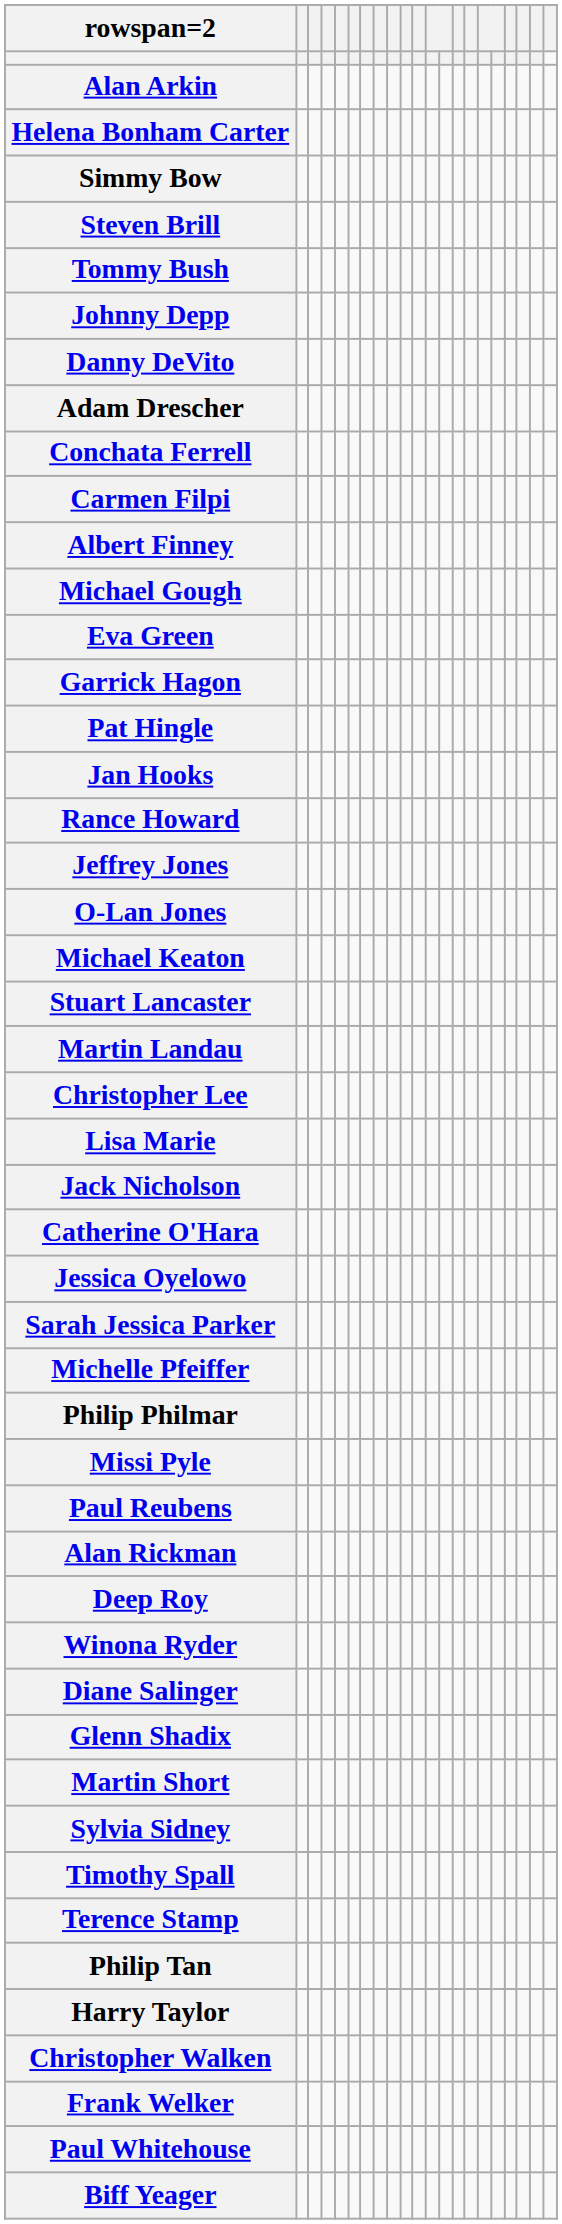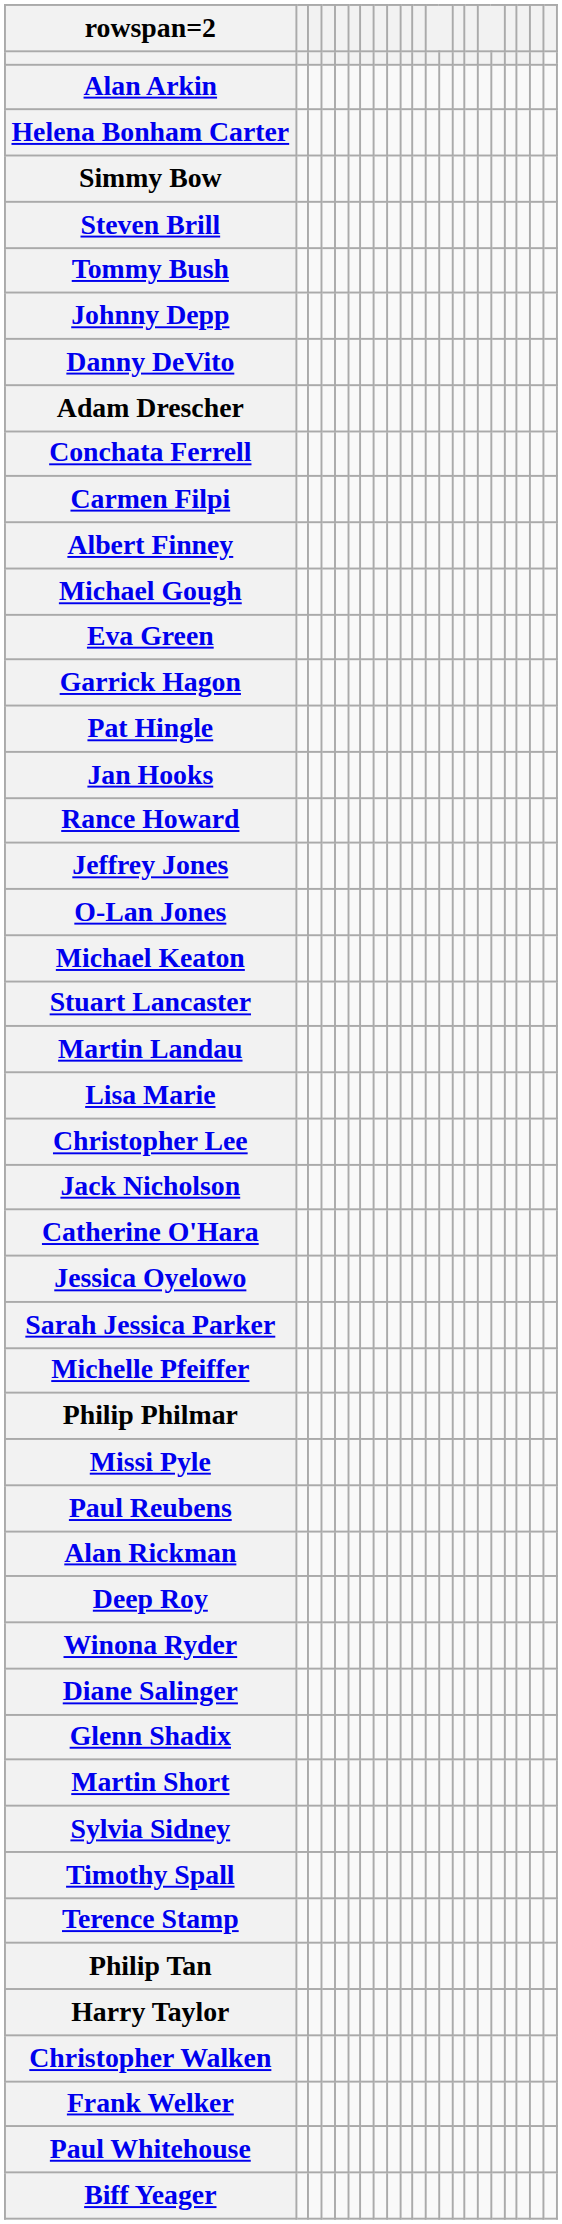 <table class="wikitable plainrowheaders" style="text-align:center;font-size:90%">
 <tr>
 <th>rowspan=2 </th>
 <th></th>
 <th></th>
 <th></th>
 <th></th>
 <th></th>
 <th></th>
 <th></th>
 <th></th>
 <th></th>
 <th></th>
 <th colspan=2></th>
 <th></th>
 <th></th>
 <th colspan=2></th>
 <th></th>
 <th></th>
 <th></th>
 <th></th>
 </tr>
 <tr>
 <th></th>
 <th></th>
 <th></th>
 <th></th>
 <th></th>
 <th></th>
 <th></th>
 <th></th>
 <th></th>
 <th></th>
 <th></th>
 <th></th>
 <th></th>
 <th></th>
 <th></th>
 <th></th>
 <th></th>
 <th></th>
 <th></th>
 <th></th>
 </tr>
 <tr>
 <th scope="row"><a href='#'>Alan Arkin</a></th>
 <td></td>
 <td></td>
 <td></td>
 <td></td>
 <td></td>
 <td></td>
 <td></td>
 <td></td>
 <td></td>
 <td></td>
 <td></td>
 <td></td>
 <td></td>
 <td></td>
 <td></td>
 <td></td>
 <td></td>
 <td></td>
 <td></td>
 <td></td>
 </tr>
 <tr>
 <th scope="row"><a href='#'>Helena Bonham Carter</a></th>
 <td></td>
 <td></td>
 <td></td>
 <td></td>
 <td></td>
 <td></td>
 <td></td>
 <td></td>
 <td></td>
 <td></td>
 <td></td>
 <td></td>
 <td></td>
 <td></td>
 <td></td>
 <td></td>
 <td></td>
 <td></td>
 <td></td>
 <td></td>
 </tr>
 <tr>
 <th scope="row">Simmy Bow</th>
 <td></td>
 <td></td>
 <td></td>
 <td></td>
 <td></td>
 <td></td>
 <td></td>
 <td></td>
 <td></td>
 <td></td>
 <td></td>
 <td></td>
 <td></td>
 <td></td>
 <td></td>
 <td></td>
 <td></td>
 <td></td>
 <td></td>
 <td></td>
 </tr>
 <tr>
 <th scope="row"><a href='#'>Steven Brill</a></th>
 <td></td>
 <td></td>
 <td></td>
 <td></td>
 <td></td>
 <td></td>
 <td></td>
 <td></td>
 <td></td>
 <td></td>
 <td></td>
 <td></td>
 <td></td>
 <td></td>
 <td></td>
 <td></td>
 <td></td>
 <td></td>
 <td></td>
 <td></td>
 </tr>
 <tr>
 <th scope="row"><a href='#'>Tommy Bush</a></th>
 <td></td>
 <td></td>
 <td></td>
 <td></td>
 <td></td>
 <td></td>
 <td></td>
 <td></td>
 <td></td>
 <td></td>
 <td></td>
 <td></td>
 <td></td>
 <td></td>
 <td></td>
 <td></td>
 <td></td>
 <td></td>
 <td></td>
 <td></td>
 </tr>
 <tr>
 <th scope="row"><a href='#'>Johnny Depp</a></th>
 <td></td>
 <td></td>
 <td></td>
 <td></td>
 <td></td>
 <td></td>
 <td></td>
 <td></td>
 <td></td>
 <td></td>
 <td></td>
 <td></td>
 <td></td>
 <td></td>
 <td></td>
 <td></td>
 <td></td>
 <td></td>
 <td></td>
 <td></td>
 </tr>
 <tr>
 <th scope="row"><a href='#'>Danny DeVito</a></th>
 <td></td>
 <td></td>
 <td></td>
 <td></td>
 <td></td>
 <td></td>
 <td></td>
 <td></td>
 <td></td>
 <td></td>
 <td></td>
 <td></td>
 <td></td>
 <td></td>
 <td></td>
 <td></td>
 <td></td>
 <td></td>
 <td></td>
 <td></td>
 </tr>
 <tr>
 <th scope="row">Adam Drescher</th>
 <td></td>
 <td></td>
 <td></td>
 <td></td>
 <td></td>
 <td></td>
 <td></td>
 <td></td>
 <td></td>
 <td></td>
 <td></td>
 <td></td>
 <td></td>
 <td></td>
 <td></td>
 <td></td>
 <td></td>
 <td></td>
 <td></td>
 <td></td>
 </tr>
 <tr>
 <th scope="row"><a href='#'>Conchata Ferrell</a></th>
 <td></td>
 <td></td>
 <td></td>
 <td></td>
 <td></td>
 <td></td>
 <td></td>
 <td></td>
 <td></td>
 <td></td>
 <td></td>
 <td></td>
 <td></td>
 <td></td>
 <td></td>
 <td></td>
 <td></td>
 <td></td>
 <td></td>
 <td></td>
 </tr>
 <tr>
 <th scope="row"><a href='#'>Carmen Filpi</a></th>
 <td></td>
 <td></td>
 <td></td>
 <td></td>
 <td></td>
 <td></td>
 <td></td>
 <td></td>
 <td></td>
 <td></td>
 <td></td>
 <td></td>
 <td></td>
 <td></td>
 <td></td>
 <td></td>
 <td></td>
 <td></td>
 <td></td>
 <td></td>
 </tr>
 <tr>
 <th scope="row"><a href='#'>Albert Finney</a></th>
 <td></td>
 <td></td>
 <td></td>
 <td></td>
 <td></td>
 <td></td>
 <td></td>
 <td></td>
 <td></td>
 <td></td>
 <td></td>
 <td></td>
 <td></td>
 <td></td>
 <td></td>
 <td></td>
 <td></td>
 <td></td>
 <td></td>
 <td></td>
 </tr>
 <tr>
 <th scope="row"><a href='#'>Michael Gough</a></th>
 <td></td>
 <td></td>
 <td></td>
 <td></td>
 <td></td>
 <td></td>
 <td></td>
 <td></td>
 <td></td>
 <td></td>
 <td></td>
 <td></td>
 <td></td>
 <td></td>
 <td></td>
 <td></td>
 <td></td>
 <td></td>
 <td></td>
 <td></td>
 </tr>
 <tr>
 <th scope="row"><a href='#'>Eva Green</a></th>
 <td></td>
 <td></td>
 <td></td>
 <td></td>
 <td></td>
 <td></td>
 <td></td>
 <td></td>
 <td></td>
 <td></td>
 <td></td>
 <td></td>
 <td></td>
 <td></td>
 <td></td>
 <td></td>
 <td></td>
 <td></td>
 <td></td>
 <td></td>
 </tr>
 <tr>
 <th scope="row"><a href='#'>Garrick Hagon</a></th>
 <td></td>
 <td></td>
 <td></td>
 <td></td>
 <td></td>
 <td></td>
 <td></td>
 <td></td>
 <td></td>
 <td></td>
 <td></td>
 <td></td>
 <td></td>
 <td></td>
 <td></td>
 <td></td>
 <td></td>
 <td></td>
 <td></td>
 <td></td>
 </tr>
 <tr>
 <th scope="row"><a href='#'>Pat Hingle</a></th>
 <td></td>
 <td></td>
 <td></td>
 <td></td>
 <td></td>
 <td></td>
 <td></td>
 <td></td>
 <td></td>
 <td></td>
 <td></td>
 <td></td>
 <td></td>
 <td></td>
 <td></td>
 <td></td>
 <td></td>
 <td></td>
 <td></td>
 <td></td>
 </tr>
 <tr>
 <th scope="row"><a href='#'>Jan Hooks</a></th>
 <td></td>
 <td></td>
 <td></td>
 <td></td>
 <td></td>
 <td></td>
 <td></td>
 <td></td>
 <td></td>
 <td></td>
 <td></td>
 <td></td>
 <td></td>
 <td></td>
 <td></td>
 <td></td>
 <td></td>
 <td></td>
 <td></td>
 <td></td>
 </tr>
 <tr>
 <th scope="row"><a href='#'>Rance Howard</a></th>
 <td></td>
 <td></td>
 <td></td>
 <td></td>
 <td></td>
 <td></td>
 <td></td>
 <td></td>
 <td></td>
 <td></td>
 <td></td>
 <td></td>
 <td></td>
 <td></td>
 <td></td>
 <td></td>
 <td></td>
 <td></td>
 <td></td>
 <td></td>
 </tr>
 <tr>
 <th scope="row"><a href='#'>Jeffrey Jones</a></th>
 <td></td>
 <td></td>
 <td></td>
 <td></td>
 <td></td>
 <td></td>
 <td></td>
 <td></td>
 <td></td>
 <td></td>
 <td></td>
 <td></td>
 <td></td>
 <td></td>
 <td></td>
 <td></td>
 <td></td>
 <td></td>
 <td></td>
 <td></td>
 </tr>
 <tr>
 <th scope="row"><a href='#'>O-Lan Jones</a></th>
 <td></td>
 <td></td>
 <td></td>
 <td></td>
 <td></td>
 <td></td>
 <td></td>
 <td></td>
 <td></td>
 <td></td>
 <td></td>
 <td></td>
 <td></td>
 <td></td>
 <td></td>
 <td></td>
 <td></td>
 <td></td>
 <td></td>
 <td></td>
 </tr>
 <tr>
 <th scope="row"><a href='#'>Michael Keaton</a></th>
 <td></td>
 <td></td>
 <td></td>
 <td></td>
 <td></td>
 <td></td>
 <td></td>
 <td></td>
 <td></td>
 <td></td>
 <td></td>
 <td></td>
 <td></td>
 <td></td>
 <td></td>
 <td></td>
 <td></td>
 <td></td>
 <td></td>
 <td></td>
 </tr>
 <tr>
 <th scope="row"><a href='#'>Stuart Lancaster</a></th>
 <td></td>
 <td></td>
 <td></td>
 <td></td>
 <td></td>
 <td></td>
 <td></td>
 <td></td>
 <td></td>
 <td></td>
 <td></td>
 <td></td>
 <td></td>
 <td></td>
 <td></td>
 <td></td>
 <td></td>
 <td></td>
 <td></td>
 <td></td>
 </tr>
 <tr>
 <th scope="row"><a href='#'>Martin Landau</a></th>
 <td></td>
 <td></td>
 <td></td>
 <td></td>
 <td></td>
 <td></td>
 <td></td>
 <td></td>
 <td></td>
 <td></td>
 <td></td>
 <td></td>
 <td></td>
 <td></td>
 <td></td>
 <td></td>
 <td></td>
 <td></td>
 <td></td>
 <td></td>
 </tr>
 <tr>
-<th scope="row"><a href='#'>Christopher Lee</a></th>
+<th scope="row"><a href='#'>Lisa Marie</a></th>
 <td></td>
 <td></td>
 <td></td>
 <td></td>
 <td></td>
 <td></td>
 <td></td>
 <td></td>
 <td></td>
 <td></td>
 <td></td>
 <td></td>
 <td></td>
 <td></td>
 <td></td>
 <td></td>
 <td></td>
 <td></td>
 <td></td>
 <td></td>
 </tr>
 <tr>
-<th scope="row"><a href='#'>Lisa Marie</a></th>
+<th scope="row"><a href='#'>Christopher Lee</a></th>
 <td></td>
 <td></td>
 <td></td>
 <td></td>
 <td></td>
 <td></td>
 <td></td>
 <td></td>
 <td></td>
 <td></td>
 <td></td>
 <td></td>
 <td></td>
 <td></td>
 <td></td>
 <td></td>
 <td></td>
 <td></td>
 <td></td>
 <td></td>
 </tr>
 <tr>
 <th scope="row"><a href='#'>Jack Nicholson</a></th>
 <td></td>
 <td></td>
 <td></td>
 <td></td>
 <td></td>
 <td></td>
 <td></td>
 <td></td>
 <td></td>
 <td></td>
 <td></td>
 <td></td>
 <td></td>
 <td></td>
 <td></td>
 <td></td>
 <td></td>
 <td></td>
 <td></td>
 <td></td>
 </tr>
 <tr>
 <th scope="row"><a href='#'>Catherine O'Hara</a></th>
 <td></td>
 <td></td>
 <td></td>
 <td></td>
 <td></td>
 <td></td>
 <td></td>
 <td></td>
 <td></td>
 <td></td>
 <td></td>
 <td></td>
 <td></td>
 <td></td>
 <td></td>
 <td></td>
 <td></td>
 <td></td>
 <td></td>
 <td></td>
 </tr>
 <tr>
 <th scope="row"><a href='#'>Jessica Oyelowo</a></th>
 <td></td>
 <td></td>
 <td></td>
 <td></td>
 <td></td>
 <td></td>
 <td></td>
 <td></td>
 <td></td>
 <td></td>
 <td></td>
 <td></td>
 <td></td>
 <td></td>
 <td></td>
 <td></td>
 <td></td>
 <td></td>
 <td></td>
 <td></td>
 </tr>
 <tr>
 <th scope="row"><a href='#'>Sarah Jessica Parker</a></th>
 <td></td>
 <td></td>
 <td></td>
 <td></td>
 <td></td>
 <td></td>
 <td></td>
 <td></td>
 <td></td>
 <td></td>
 <td></td>
 <td></td>
 <td></td>
 <td></td>
 <td></td>
 <td></td>
 <td></td>
 <td></td>
 <td></td>
 <td></td>
 </tr>
 <tr>
 <th scope="row"><a href='#'>Michelle Pfeiffer</a></th>
 <td></td>
 <td></td>
 <td></td>
 <td></td>
 <td></td>
 <td></td>
 <td></td>
 <td></td>
 <td></td>
 <td></td>
 <td></td>
 <td></td>
 <td></td>
 <td></td>
 <td></td>
 <td></td>
 <td></td>
 <td></td>
 <td></td>
 <td></td>
 </tr>
 <tr>
 <th scope="row">Philip Philmar</th>
 <td></td>
 <td></td>
 <td></td>
 <td></td>
 <td></td>
 <td></td>
 <td></td>
 <td></td>
 <td></td>
 <td></td>
 <td></td>
 <td></td>
 <td></td>
 <td></td>
 <td></td>
 <td></td>
 <td></td>
 <td></td>
 <td></td>
 <td></td>
 </tr>
 <tr>
 <th scope="row"><a href='#'>Missi Pyle</a></th>
 <td></td>
 <td></td>
 <td></td>
 <td></td>
 <td></td>
 <td></td>
 <td></td>
 <td></td>
 <td></td>
 <td></td>
 <td></td>
 <td></td>
 <td></td>
 <td></td>
 <td></td>
 <td></td>
 <td></td>
 <td></td>
 <td></td>
 <td></td>
 </tr>
 <tr>
 <th scope="row"><a href='#'>Paul Reubens</a></th>
 <td></td>
 <td></td>
 <td></td>
 <td></td>
 <td></td>
 <td></td>
 <td></td>
 <td></td>
 <td></td>
 <td></td>
 <td></td>
 <td></td>
 <td></td>
 <td></td>
 <td></td>
 <td></td>
 <td></td>
 <td></td>
 <td></td>
 <td></td>
 </tr>
 <tr>
 <th scope="row"><a href='#'>Alan Rickman</a></th>
 <td></td>
 <td></td>
 <td></td>
 <td></td>
 <td></td>
 <td></td>
 <td></td>
 <td></td>
 <td></td>
 <td></td>
 <td></td>
 <td></td>
 <td></td>
 <td></td>
 <td></td>
 <td></td>
 <td></td>
 <td></td>
 <td></td>
 <td></td>
 </tr>
 <tr>
 <th scope="row"><a href='#'>Deep Roy</a></th>
 <td></td>
 <td></td>
 <td></td>
 <td></td>
 <td></td>
 <td></td>
 <td></td>
 <td></td>
 <td></td>
 <td></td>
 <td></td>
 <td></td>
 <td></td>
 <td></td>
 <td></td>
 <td></td>
 <td></td>
 <td></td>
 <td></td>
 <td></td>
 </tr>
 <tr>
 <th scope="row"><a href='#'>Winona Ryder</a></th>
 <td></td>
 <td></td>
 <td></td>
 <td></td>
 <td></td>
 <td></td>
 <td></td>
 <td></td>
 <td></td>
 <td></td>
 <td></td>
 <td></td>
 <td></td>
 <td></td>
 <td></td>
 <td></td>
 <td></td>
 <td></td>
 <td></td>
 <td></td>
 </tr>
 <tr>
 <th scope="row"><a href='#'>Diane Salinger</a></th>
 <td></td>
 <td></td>
 <td></td>
 <td></td>
 <td></td>
 <td></td>
 <td></td>
 <td></td>
 <td></td>
 <td></td>
 <td></td>
 <td></td>
 <td></td>
 <td></td>
 <td></td>
 <td></td>
 <td></td>
 <td></td>
 <td></td>
 <td></td>
 </tr>
 <tr>
 <th scope="row"><a href='#'>Glenn Shadix</a></th>
 <td></td>
 <td></td>
 <td></td>
 <td></td>
 <td></td>
 <td></td>
 <td></td>
 <td></td>
 <td></td>
 <td></td>
 <td></td>
 <td></td>
 <td></td>
 <td></td>
 <td></td>
 <td></td>
 <td></td>
 <td></td>
 <td></td>
 <td></td>
 </tr>
 <tr>
 <th scope="row"><a href='#'>Martin Short</a></th>
 <td></td>
 <td></td>
 <td></td>
 <td></td>
 <td></td>
 <td></td>
 <td></td>
 <td></td>
 <td></td>
 <td></td>
 <td></td>
 <td></td>
 <td></td>
 <td></td>
 <td></td>
 <td></td>
 <td></td>
 <td></td>
 <td></td>
 <td></td>
 </tr>
 <tr>
 <th scope="row"><a href='#'>Sylvia Sidney</a></th>
 <td></td>
 <td></td>
 <td></td>
 <td></td>
 <td></td>
 <td></td>
 <td></td>
 <td></td>
 <td></td>
 <td></td>
 <td></td>
 <td></td>
 <td></td>
 <td></td>
 <td></td>
 <td></td>
 <td></td>
 <td></td>
 <td></td>
 <td></td>
 </tr>
 <tr>
 <th scope="row"><a href='#'>Timothy Spall</a></th>
 <td></td>
 <td></td>
 <td></td>
 <td></td>
 <td></td>
 <td></td>
 <td></td>
 <td></td>
 <td></td>
 <td></td>
 <td></td>
 <td></td>
 <td></td>
 <td></td>
 <td></td>
 <td></td>
 <td></td>
 <td></td>
 <td></td>
 <td></td>
 </tr>
 <tr>
 <th scope="row"><a href='#'>Terence Stamp</a></th>
 <td></td>
 <td></td>
 <td></td>
 <td></td>
 <td></td>
 <td></td>
 <td></td>
 <td></td>
 <td></td>
 <td></td>
 <td></td>
 <td></td>
 <td></td>
 <td></td>
 <td></td>
 <td></td>
 <td></td>
 <td></td>
 <td></td>
 <td></td>
 </tr>
 <tr>
 <th scope="row">Philip Tan</th>
 <td></td>
 <td></td>
 <td></td>
 <td></td>
 <td></td>
 <td></td>
 <td></td>
 <td></td>
 <td></td>
 <td></td>
 <td></td>
 <td></td>
 <td></td>
 <td></td>
 <td></td>
 <td></td>
 <td></td>
 <td></td>
 <td></td>
 <td></td>
 </tr>
 <tr>
 <th scope="row">Harry Taylor</th>
 <td></td>
 <td></td>
 <td></td>
 <td></td>
 <td></td>
 <td></td>
 <td></td>
 <td></td>
 <td></td>
 <td></td>
 <td></td>
 <td></td>
 <td></td>
 <td></td>
 <td></td>
 <td></td>
 <td></td>
 <td></td>
 <td></td>
 <td></td>
 </tr>
 <tr>
 <th scope="row"><a href='#'>Christopher Walken</a></th>
 <td></td>
 <td></td>
 <td></td>
 <td></td>
 <td></td>
 <td></td>
 <td></td>
 <td></td>
 <td></td>
 <td></td>
 <td></td>
 <td></td>
 <td></td>
 <td></td>
 <td></td>
 <td></td>
 <td></td>
 <td></td>
 <td></td>
 <td></td>
 </tr>
 <tr>
 <th scope="row"><a href='#'>Frank Welker</a></th>
 <td></td>
 <td></td>
 <td></td>
 <td></td>
 <td></td>
 <td></td>
 <td></td>
 <td></td>
 <td></td>
 <td></td>
 <td></td>
 <td></td>
 <td></td>
 <td></td>
 <td></td>
 <td></td>
 <td></td>
 <td></td>
 <td></td>
 <td></td>
 </tr>
 <tr>
 <th scope="row"><a href='#'>Paul Whitehouse</a></th>
 <td></td>
 <td></td>
 <td></td>
 <td></td>
 <td></td>
 <td></td>
 <td></td>
 <td></td>
 <td></td>
 <td></td>
 <td></td>
 <td></td>
 <td></td>
 <td></td>
 <td></td>
 <td></td>
 <td></td>
 <td></td>
 <td></td>
 <td></td>
 </tr>
 <tr>
 <th scope="row"><a href='#'>Biff Yeager</a></th>
 <td></td>
 <td></td>
 <td></td>
 <td></td>
 <td></td>
 <td></td>
 <td></td>
 <td></td>
 <td></td>
 <td></td>
 <td></td>
 <td></td>
 <td></td>
 <td></td>
 <td></td>
 <td></td>
 <td></td>
 <td></td>
 <td></td>
 <td></td>
 </tr>
 </table>
